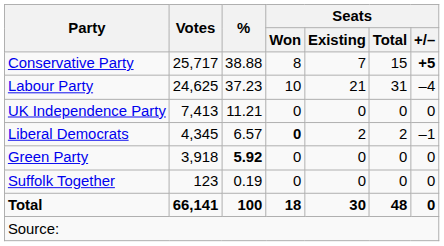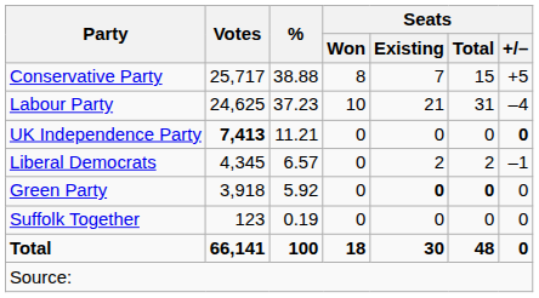 <table class=wikitable style=text-align:right>
 <tr>
 <th rowspan=2>Party</th>
 <th rowspan=2>Votes</th>
 <th rowspan=2>%</th>
 <th colspan=4>Seats</th>
 </tr>
 <tr>
 <th>Won</th>
 <th>Existing</th>
 <th>Total</th>
 <th>+/–</th>
 </tr>
 <tr>
 <td align=left><a href='#'>Conservative Party</a></td>
 <td>25,717</td>
 <td>38.88</td>
 <td>8</td>
 <td>7</td>
 <td>15</td>
-<td><strong>+5</strong></td>
+<td>+5</td>
 </tr>
 <tr>
 <td align=left><a href='#'>Labour Party</a></td>
 <td>24,625</td>
 <td>37.23</td>
 <td>10</td>
 <td>21</td>
 <td>31</td>
 <td>–4</td>
 </tr>
 <tr>
 <td align=left><a href='#'>UK Independence Party</a></td>
-<td>7,413</td>
+<td><strong>7,413</strong></td>
 <td>11.21</td>
 <td>0</td>
 <td>0</td>
 <td>0</td>
-<td>0</td>
+<td><strong>0</strong></td>
 </tr>
 <tr>
 <td align=left><a href='#'>Liberal Democrats</a></td>
 <td>4,345</td>
 <td>6.57</td>
-<td><strong>0</strong></td>
+<td>0</td>
 <td>2</td>
 <td>2</td>
 <td>–1</td>
 </tr>
 <tr>
 <td align=left><a href='#'>Green Party</a></td>
 <td>3,918</td>
-<td><strong>5.92</strong></td>
+<td>5.92</td>
 <td>0</td>
-<td>0</td>
-<td>0</td>
+<td><strong>0</strong></td>
+<td><strong>0</strong></td>
 <td>0</td>
 </tr>
 <tr>
 <td align=left><a href='#'>Suffolk Together</a></td>
 <td>123</td>
 <td>0.19</td>
 <td>0</td>
 <td>0</td>
 <td>0</td>
 <td>0</td>
 </tr>
 <tr>
 <td align=left><strong>Total</strong></td>
 <td><strong>66,141</strong></td>
 <td><strong>100</strong></td>
 <td><strong>18</strong></td>
 <td><strong>30</strong></td>
 <td><strong>48</strong></td>
 <td><strong>0</strong></td>
 </tr>
 <tr>
 <td align=left colspan=7>Source: </td>
 </tr>
 </table>
